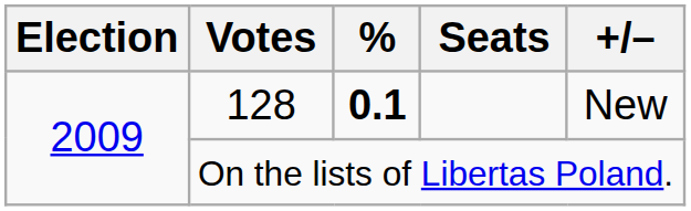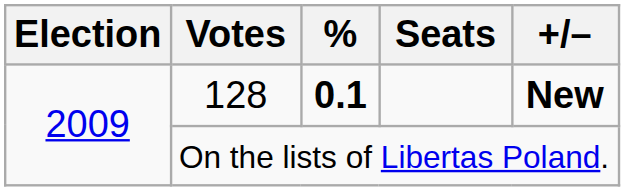 <table class=wikitable style=text-align:center>
 <tr>
 <th>Election</th>
 <th>Votes</th>
 <th>%</th>
 <th>Seats</th>
 <th>+/–</th>
 </tr>
 <tr>
 <td rowspan="2"><a href='#'>2009</a></td>
 <td>128</td>
 <td><strong>0.1</strong></td>
 <td></td>
-<td>New</td>
+<td><strong>New</strong></td>
 </tr>
 <tr>
 <td colspan=7><small>On the lists of <a href='#'>Libertas Poland</a>.</small></td>
 </tr>
 </table>
